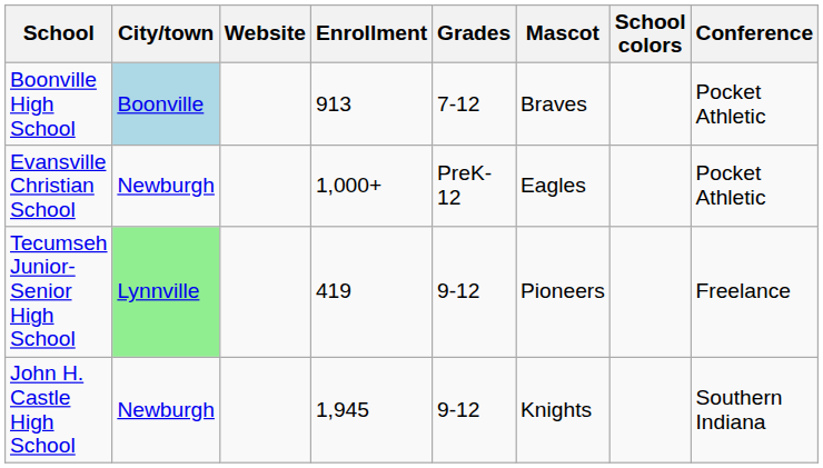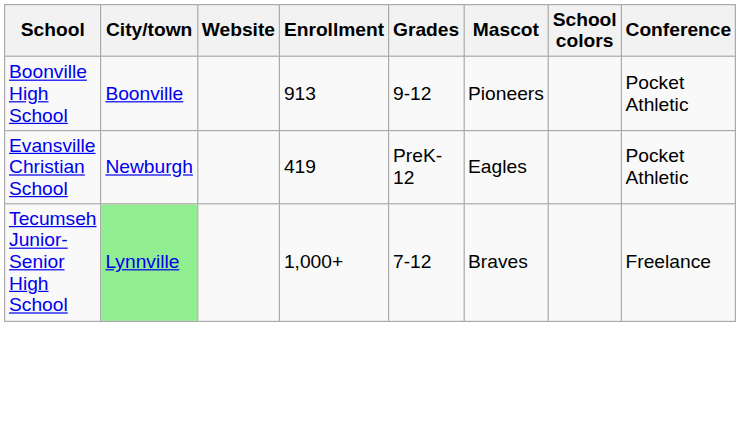 <table class="wikitable sortable" width="70%">
 <tr>
 <th width="20%">School</th>
 <th width="08%">City/town</th>
 <th width="06%">Website</th>
 <th width="04%">Enrollment</th>
 <th width="04%">Grades</th>
 <th width="04%">Mascot</th>
 <th width=01%>School colors</th>
 <th width="04%">Conference</th>
 </tr>
 <tr>
 <td><a href='#'>Boonville High School</a></td>
-<td style="background: lightblue;"><a href='#'>Boonville</a></td>
+<td><a href='#'>Boonville</a></td>
 <td></td>
 <td>913</td>
-<td>7-12</td>
-<td>Braves</td>
+<td>9-12</td>
+<td>Pioneers</td>
 <td> </td>
 <td>Pocket Athletic</td>
 </tr>
 <tr>
 <td><a href='#'>Evansville Christian School</a></td>
 <td><a href='#'>Newburgh</a></td>
 <td></td>
-<td>1,000+</td>
+<td>419</td>
 <td>PreK-12</td>
 <td>Eagles</td>
 <td>  </td>
 <td>Pocket Athletic</td>
 </tr>
 <tr>
 <td><a href='#'>Tecumseh Junior-Senior High School</a></td>
 <td style="background: lightgreen;"><a href='#'>Lynnville</a></td>
 <td></td>
-<td>419</td>
-<td>9-12</td>
-<td>Pioneers</td>
+<td>1,000+</td>
+<td>7-12</td>
+<td>Braves</td>
 <td>  </td>
 <td>Freelance</td>
 </tr>
-<tr>
-<td><a href='#'>John H. Castle High School</a></td>
-<td><a href='#'>Newburgh</a></td>
-<td></td>
-<td>1,945</td>
-<td>9-12</td>
-<td>Knights</td>
-<td>  </td>
-<td>Southern Indiana</td>
-</tr>
 </table>
